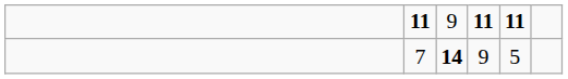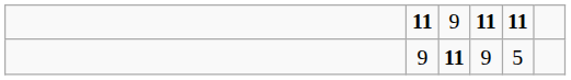 <table class="wikitable">
 <tr>
 <td style="width:18em"><strong></strong></td>
 <td align=center style="width:1em"><strong>11</strong></td>
 <td align=center style="width:1em">9</td>
 <td align=center style="width:1em"><strong>11</strong></td>
 <td align=center style="width:1em"><strong>11</strong></td>
 <td align=center style="width:1em"></td>
 </tr>
 <tr>
 <td style="width:18em"></td>
-<td align=center style="width:1em">7</td>
-<td align=center style="width:1em"><strong>14</strong></td>
+<td align=center style="width:1em">9</td>
+<td align=center style="width:1em"><strong>11</strong></td>
 <td align=center style="width:1em">9</td>
 <td align=center style="width:1em">5</td>
 <td align=center style="width:1em"></td>
 </tr>
 </table>
